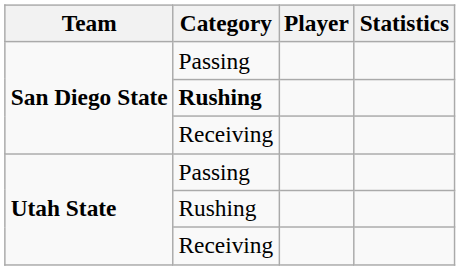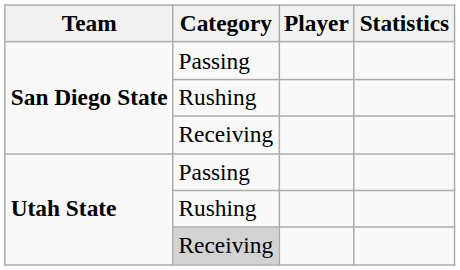 <table class="wikitable" style="float: right;">
 <tr>
 <th>Team</th>
 <th>Category</th>
 <th>Player</th>
 <th>Statistics</th>
 </tr>
 <tr>
 <td rowspan=3><strong>San Diego State</strong></td>
 <td>Passing</td>
 <td></td>
 <td></td>
 </tr>
 <tr>
-<td><strong>Rushing</strong></td>
+<td>Rushing</td>
 <td></td>
 <td></td>
 </tr>
 <tr>
 <td>Receiving</td>
 <td></td>
 <td></td>
 </tr>
 <tr>
 <td rowspan=3><strong>Utah State</strong></td>
 <td>Passing</td>
 <td></td>
 <td></td>
 </tr>
 <tr>
 <td>Rushing</td>
 <td></td>
 <td></td>
 </tr>
 <tr>
-<td>Receiving</td>
+<td style="background: lightgrey;">Receiving</td>
 <td></td>
 <td></td>
 </tr>
 </table>
